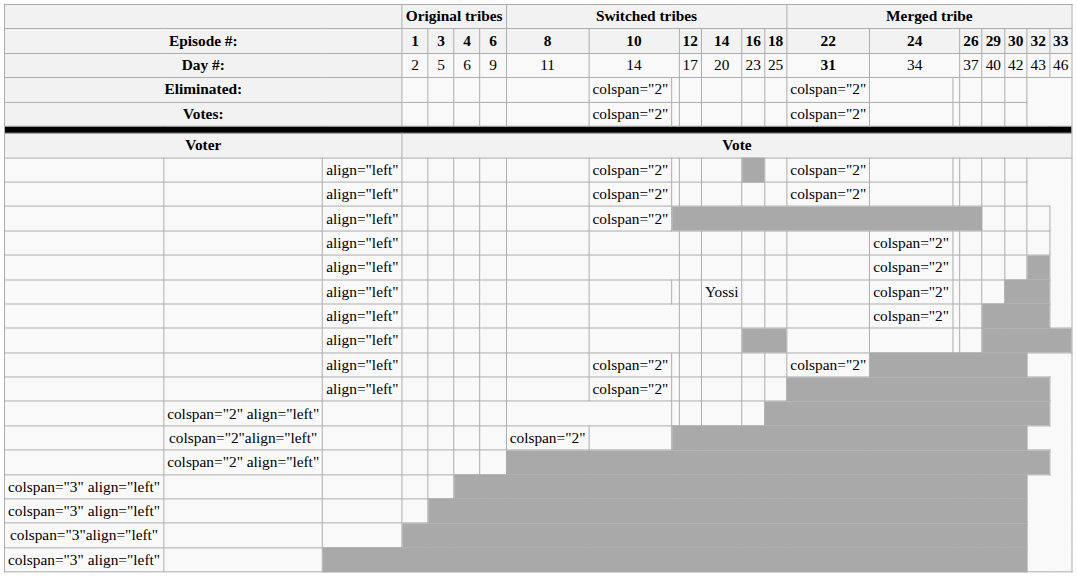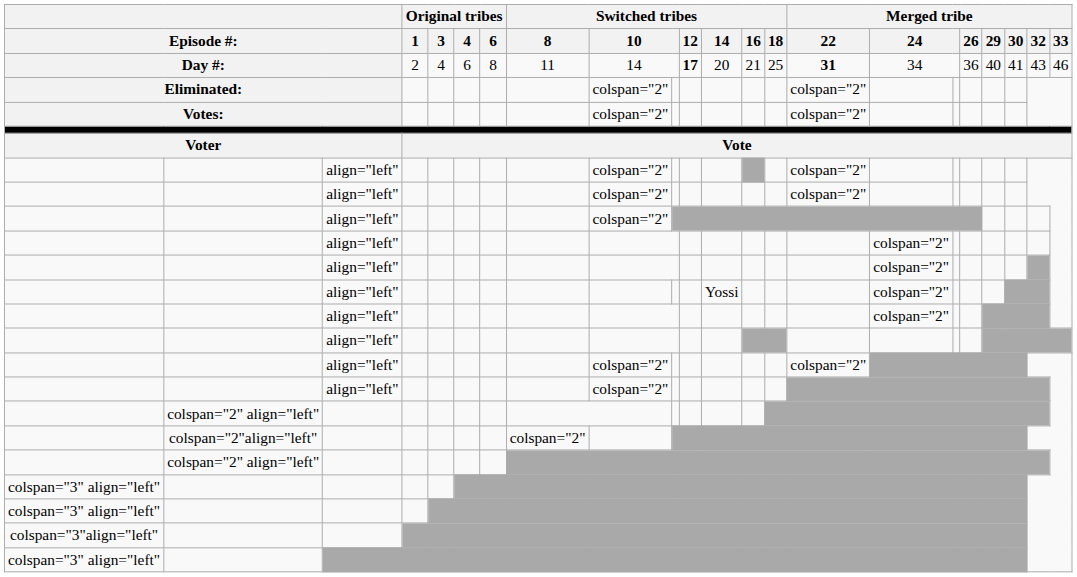 <table class="wikitable nowrap" style="text-align:center">
 <tr>
 <th colspan="3"></th>
 <th colspan="4">Original tribes</th>
 <th colspan="7">Switched tribes</th>
 <th colspan="8">Merged tribe</th>
 </tr>
 <tr>
 <th colspan="3">Episode #:</th>
 <th>1</th>
 <th>3</th>
 <th>4</th>
 <th>6</th>
 <th>8</th>
 <th colspan="2">10</th>
 <th>12</th>
 <th>14</th>
 <th>16</th>
 <th>18</th>
 <th>22</th>
 <th colspan="2">24</th>
 <th>26</th>
 <th>29</th>
 <th>30</th>
 <th>32</th>
 <th>33</th>
 </tr>
 <tr>
 <th colspan="3">Day #:</th>
 <td>2</td>
-<td>5</td>
+<td>4</td>
 <td>6</td>
-<td>9</td>
+<td>8</td>
 <td>11</td>
 <td colspan="2">14</td>
-<td>17</td>
+<td><strong>17</strong></td>
 <td>20</td>
-<td>23</td>
+<td>21</td>
 <td>25</td>
 <td><strong>31</strong></td>
 <td colspan="2">34</td>
-<td>37</td>
+<td>36</td>
 <td>40</td>
-<td>42</td>
+<td>41</td>
 <td>43</td>
 <td>46</td>
 </tr>
 <tr>
 <th colspan="3">Eliminated:</th>
 <td></td>
 <td></td>
 <td></td>
 <td></td>
 <td></td>
 <td>colspan="2" </td>
 <td></td>
 <td></td>
 <td></td>
 <td></td>
 <td></td>
 <td>colspan="2" </td>
 <td></td>
 <td></td>
 <td></td>
 <td></td>
 <td></td>
 </tr>
 <tr>
 <th colspan="3">Votes:</th>
 <td></td>
 <td></td>
 <td></td>
 <td></td>
 <td></td>
 <td>colspan="2" </td>
 <td></td>
 <td></td>
 <td></td>
 <td></td>
 <td></td>
 <td>colspan="2" </td>
 <td></td>
 <td></td>
 <td></td>
 <td></td>
 <td></td>
 </tr>
 <tr>
 <td bgcolor=black colspan="22"></td>
 </tr>
 <tr>
 <th colspan="3">Voter</th>
 <th colspan="19">Vote</th>
 </tr>
 <tr>
 <td></td>
 <td></td>
 <td>align="left" </td>
 <td></td>
 <td></td>
 <td></td>
 <td></td>
 <td></td>
 <td>colspan="2" </td>
 <td></td>
 <td></td>
 <td></td>
 <td colspan="1" bgcolor="darkgray"></td>
 <td></td>
 <td>colspan="2" </td>
 <td></td>
 <td></td>
 <td></td>
 <td></td>
 <td></td>
 </tr>
 <tr>
 <td></td>
 <td></td>
 <td>align="left" </td>
 <td></td>
 <td></td>
 <td></td>
 <td></td>
 <td></td>
 <td>colspan="2" </td>
 <td></td>
 <td></td>
 <td></td>
 <td></td>
 <td></td>
 <td>colspan="2" </td>
 <td></td>
 <td></td>
 <td></td>
 <td></td>
 <td></td>
 </tr>
 <tr>
 <td></td>
 <td></td>
 <td>align="left" </td>
 <td></td>
 <td></td>
 <td></td>
 <td></td>
 <td></td>
 <td>colspan="2" </td>
 <td colspan="9" bgcolor="darkgray"></td>
 <td></td>
 <td></td>
 <td></td>
 </tr>
 <tr>
 <td></td>
 <td></td>
 <td>align="left" </td>
 <td></td>
 <td></td>
 <td></td>
 <td></td>
 <td></td>
 <td colspan="2"></td>
 <td></td>
 <td></td>
 <td></td>
 <td></td>
 <td></td>
 <td>colspan="2" </td>
 <td></td>
 <td></td>
 <td></td>
 <td></td>
 <td></td>
 </tr>
 <tr>
 <td></td>
 <td></td>
 <td>align="left" </td>
 <td></td>
 <td></td>
 <td></td>
 <td></td>
 <td></td>
 <td colspan="2"></td>
 <td></td>
 <td></td>
 <td></td>
 <td></td>
 <td></td>
 <td>colspan="2" </td>
 <td></td>
 <td></td>
 <td></td>
 <td></td>
 <td colspan="1" bgcolor="darkgray"></td>
 </tr>
 <tr>
 <td></td>
 <td></td>
 <td>align="left" </td>
 <td></td>
 <td></td>
 <td></td>
 <td></td>
 <td></td>
 <td></td>
 <td></td>
 <td></td>
 <td><span>Yossi</span></td>
 <td></td>
 <td></td>
 <td></td>
 <td>colspan="2" </td>
 <td></td>
 <td></td>
 <td></td>
 <td colspan="2" bgcolor="darkgray"></td>
 </tr>
 <tr>
 <td></td>
 <td></td>
 <td>align="left" </td>
 <td></td>
 <td></td>
 <td></td>
 <td></td>
 <td></td>
 <td colspan="2"></td>
 <td></td>
 <td></td>
 <td></td>
 <td></td>
 <td></td>
 <td>colspan="2" </td>
 <td></td>
 <td></td>
 <td colspan="3" bgcolor="darkgray"></td>
 </tr>
 <tr>
 <td></td>
 <td></td>
 <td>align="left" </td>
 <td></td>
 <td></td>
 <td></td>
 <td></td>
 <td></td>
 <td colspan="2"></td>
 <td></td>
 <td></td>
 <td colspan="2" bgcolor="darkgray"></td>
 <td></td>
 <td></td>
 <td></td>
 <td></td>
 <td colspan="4" bgcolor="darkgray"></td>
 </tr>
 <tr>
 <td></td>
 <td></td>
 <td>align="left" </td>
 <td></td>
 <td></td>
 <td></td>
 <td></td>
 <td></td>
 <td>colspan="2" </td>
 <td></td>
 <td></td>
 <td></td>
 <td></td>
 <td></td>
 <td>colspan="2" </td>
 <td colspan="5" bgcolor="darkgray"></td>
 </tr>
 <tr>
 <td></td>
 <td></td>
 <td>align="left" </td>
 <td></td>
 <td></td>
 <td></td>
 <td></td>
 <td></td>
 <td>colspan="2" </td>
 <td></td>
 <td></td>
 <td></td>
 <td></td>
 <td></td>
 <td colspan="7" bgcolor="darkgray"></td>
 </tr>
 <tr>
 <td></td>
 <td>colspan="2" align="left" </td>
 <td></td>
 <td></td>
 <td></td>
 <td></td>
 <td></td>
 <td colspan="2"></td>
 <td></td>
 <td></td>
 <td></td>
 <td></td>
 <td colspan="8" bgcolor="darkgray"></td>
 </tr>
 <tr>
 <td></td>
 <td>colspan="2"align="left" </td>
 <td></td>
 <td></td>
 <td></td>
 <td></td>
 <td></td>
 <td>colspan="2" </td>
 <td></td>
 <td colspan="11" bgcolor="darkgray"></td>
 </tr>
 <tr>
 <td></td>
 <td>colspan="2" align="left" </td>
 <td></td>
 <td></td>
 <td></td>
 <td></td>
 <td></td>
 <td colspan="14" bgcolor="darkgray"></td>
 </tr>
 <tr>
 <td>colspan="3" align="left" </td>
 <td></td>
 <td></td>
 <td></td>
 <td></td>
 <td colspan="15" bgcolor="darkgray"></td>
 </tr>
 <tr>
 <td>colspan="3" align="left" </td>
 <td></td>
 <td></td>
 <td></td>
 <td colspan="16" bgcolor="darkgray"></td>
 </tr>
 <tr>
 <td>colspan="3"align="left" </td>
 <td></td>
 <td></td>
 <td colspan="17" bgcolor="darkgray"></td>
 </tr>
 <tr>
 <td>colspan="3" align="left" </td>
 <td></td>
 <td colspan="18" bgcolor="darkgray"></td>
 </tr>
 </table>
